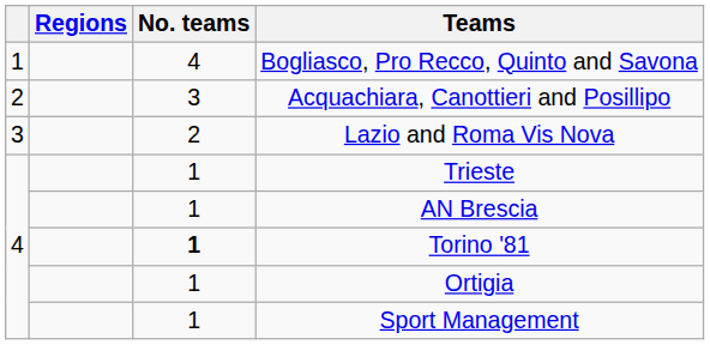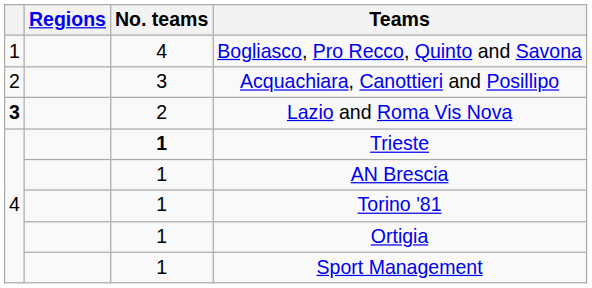 <table class="wikitable">
 <tr>
 <th></th>
 <th><a href='#'>Regions</a></th>
 <th>No. teams</th>
 <th>Teams</th>
 </tr>
 <tr>
 <td rowspan=1>1</td>
 <td></td>
 <td align=center>4</td>
 <td align=center><a href='#'>Bogliasco</a>, <a href='#'>Pro Recco</a>, <a href='#'>Quinto</a> and <a href='#'>Savona</a></td>
 </tr>
 <tr>
 <td rowspan=1>2</td>
 <td></td>
 <td align=center>3</td>
 <td align=center><a href='#'>Acquachiara</a>, <a href='#'>Canottieri</a> and <a href='#'>Posillipo</a></td>
 </tr>
 <tr>
-<td rowspan=1>3</td>
+<td rowspan=1><strong>3</strong></td>
 <td></td>
 <td align=center>2</td>
 <td align=center><a href='#'>Lazio</a> and <a href='#'>Roma Vis Nova</a></td>
 </tr>
 <tr>
 <td rowspan=5>4</td>
 <td></td>
-<td align=center>1</td>
+<td align=center><strong>1</strong></td>
 <td align=center><a href='#'>Trieste</a></td>
 </tr>
 <tr>
 <td></td>
 <td align=center>1</td>
 <td align=center><a href='#'>AN Brescia</a></td>
 </tr>
 <tr>
 <td></td>
-<td align=center><strong>1</strong></td>
+<td align=center>1</td>
 <td align=center><a href='#'>Torino '81</a></td>
 </tr>
 <tr>
 <td></td>
 <td align=center>1</td>
 <td align=center><a href='#'>Ortigia</a></td>
 </tr>
 <tr>
 <td></td>
 <td align=center>1</td>
 <td align=center><a href='#'>Sport Management</a></td>
 </tr>
 </table>
